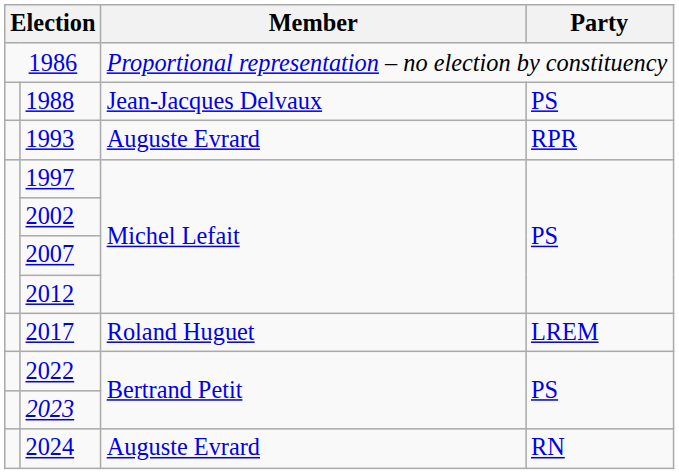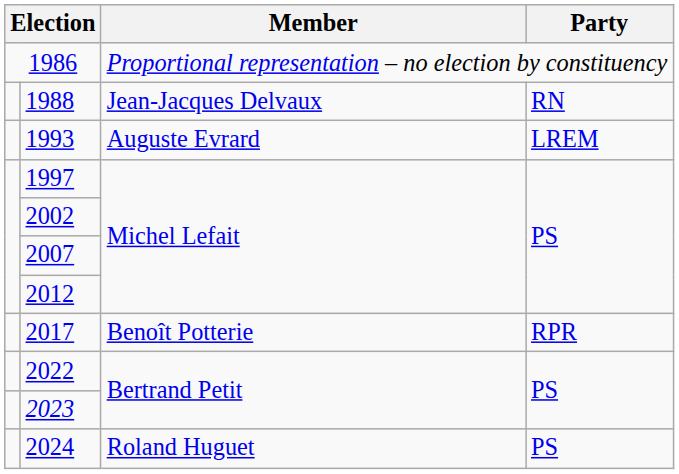 <table class="wikitable">
 <tr>
 <th colspan="2">Election</th>
 <th>Member</th>
 <th>Party</th>
 </tr>
 <tr>
 <td colspan="2" align="center"><a href='#'>1986</a></td>
 <td colspan="2"><em><a href='#'>Proportional representation</a> – no election by constituency</em></td>
 </tr>
 <tr>
 <td style="color:inherit;background-color: "></td>
 <td><a href='#'>1988</a></td>
 <td><a href='#'>Jean-Jacques Delvaux</a></td>
-<td><a href='#'>PS</a></td>
+<td><a href='#'>RN</a></td>
 </tr>
 <tr>
 <td style="color:inherit;background-color: "></td>
 <td><a href='#'>1993</a></td>
 <td><a href='#'>Auguste Evrard</a></td>
-<td><a href='#'>RPR</a></td>
+<td><a href='#'>LREM</a></td>
 </tr>
 <tr>
 <td rowspan="4" style="background-color: "></td>
 <td><a href='#'>1997</a></td>
 <td rowspan="4"><a href='#'>Michel Lefait</a></td>
 <td rowspan="4"><a href='#'>PS</a></td>
 </tr>
 <tr>
 <td><a href='#'>2002</a></td>
 </tr>
 <tr>
 <td><a href='#'>2007</a></td>
 </tr>
 <tr>
 <td><a href='#'>2012</a></td>
 </tr>
 <tr>
 <td style="color:inherit;background-color: "></td>
 <td><a href='#'>2017</a></td>
-<td><a href='#'>Roland Huguet</a></td>
-<td><a href='#'>LREM</a></td>
+<td><a href='#'>Benoît Potterie</a></td>
+<td><a href='#'>RPR</a></td>
 </tr>
 <tr>
 <td style="color:inherit;background-color: "></td>
 <td><a href='#'>2022</a></td>
 <td rowspan="2"><a href='#'>Bertrand Petit</a></td>
 <td rowspan="2"><a href='#'>PS</a></td>
 </tr>
 <tr>
 <td style="color:inherit;background-color: "></td>
 <td><em><a href='#'>2023</a></em></td>
 </tr>
 <tr>
 <td style="color:inherit;background-color: "></td>
 <td><a href='#'>2024</a></td>
-<td><a href='#'>Auguste Evrard</a></td>
-<td><a href='#'>RN</a></td>
+<td><a href='#'>Roland Huguet</a></td>
+<td><a href='#'>PS</a></td>
 </tr>
 </table>
